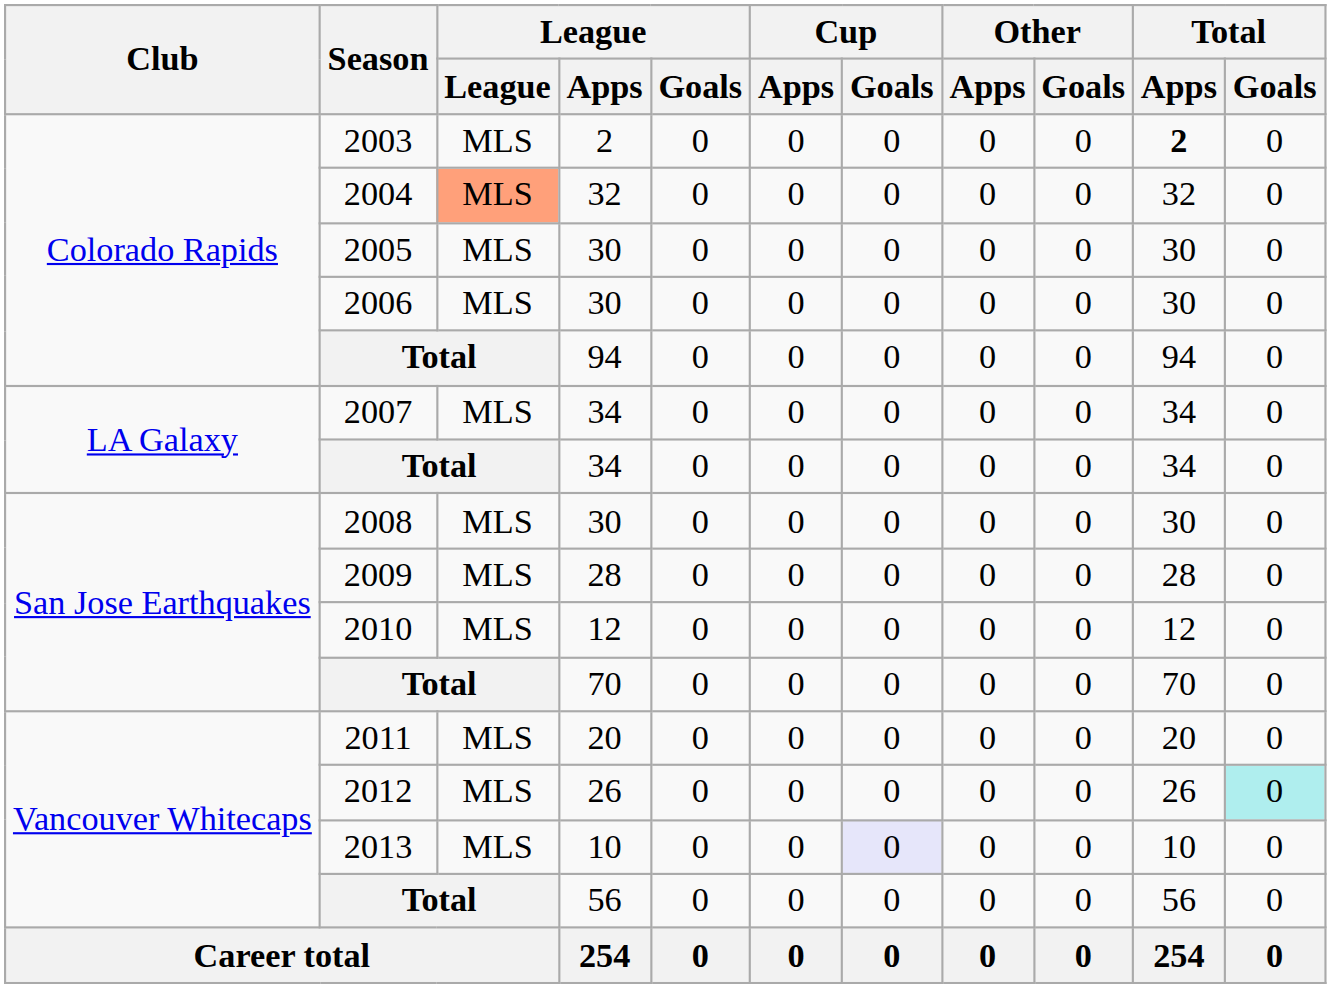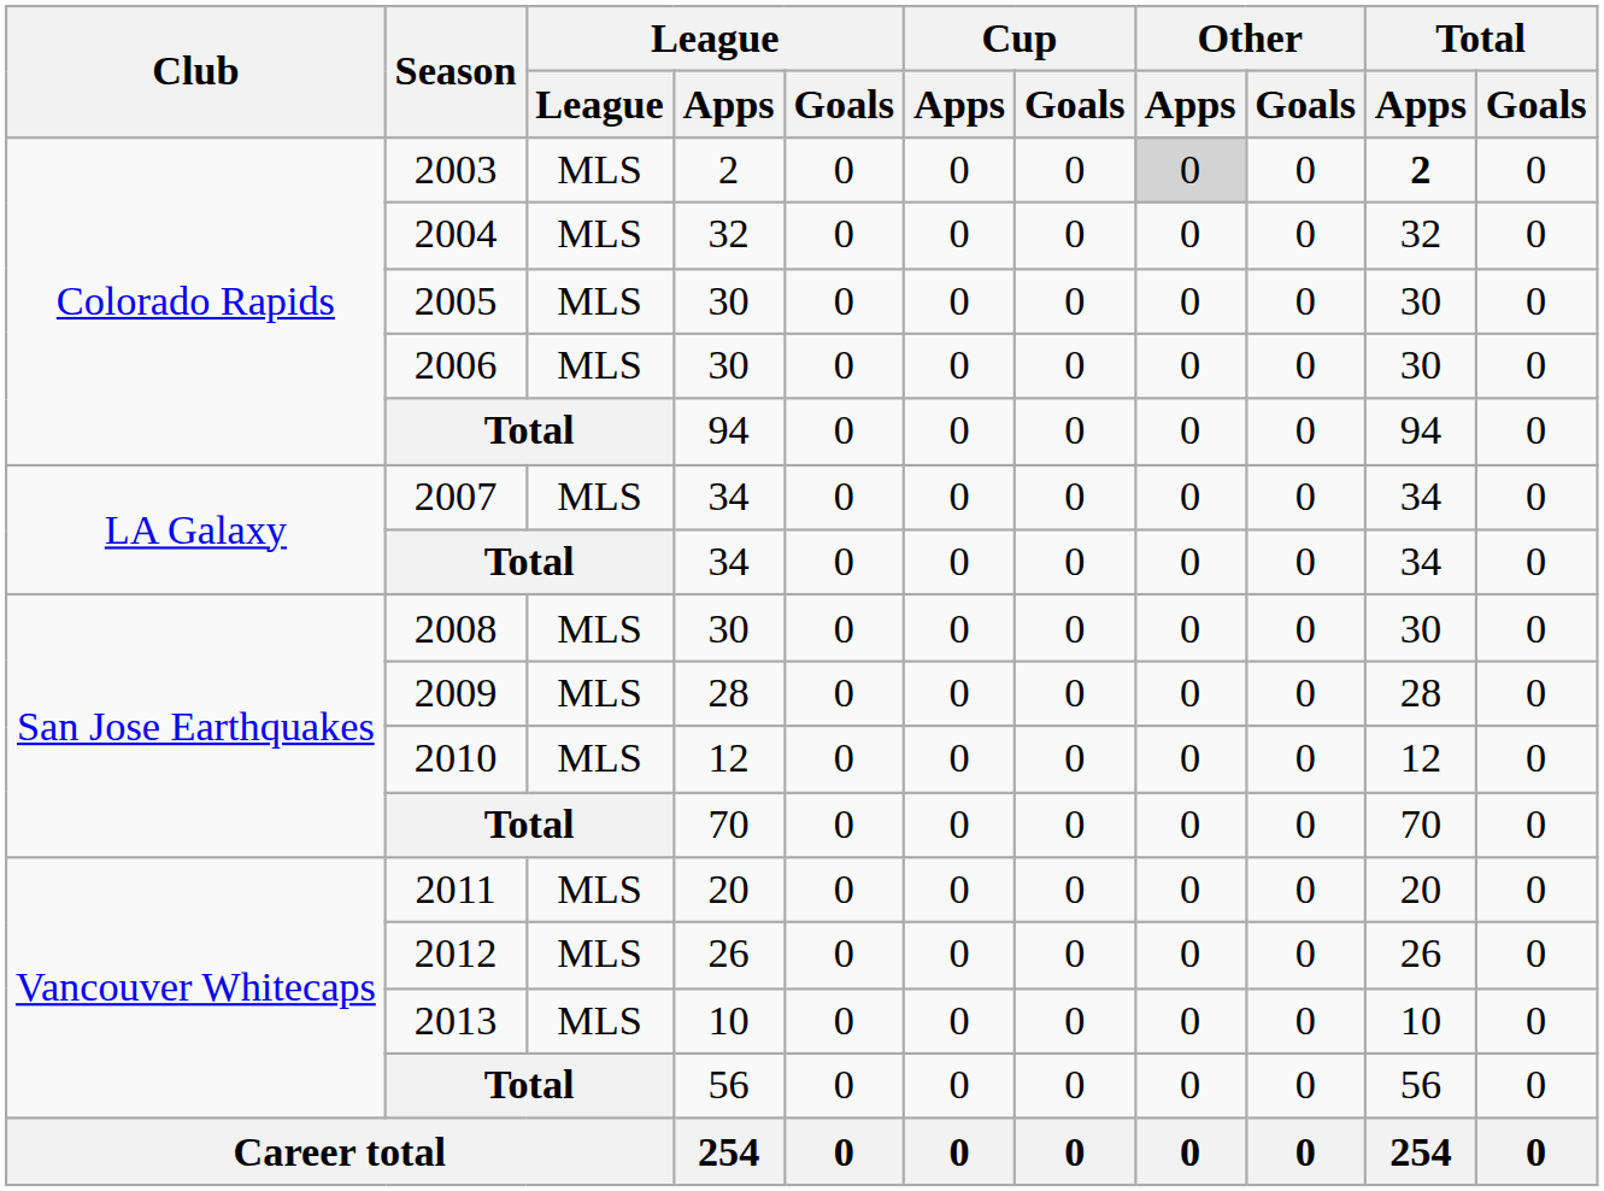 <table class="wikitable" style="text-align: center;">
 <tr>
 <th rowspan="2">Club</th>
 <th rowspan="2">Season</th>
 <th colspan="3">League</th>
 <th colspan="2">Cup</th>
 <th colspan="2">Other</th>
 <th colspan="2">Total</th>
 </tr>
 <tr>
 <th>League</th>
 <th>Apps</th>
 <th>Goals</th>
 <th>Apps</th>
 <th>Goals</th>
 <th>Apps</th>
 <th>Goals</th>
 <th>Apps</th>
 <th>Goals</th>
 </tr>
 <tr>
 <td rowspan="5" valign="center"><a href='#'>Colorado Rapids</a></td>
 <td>2003</td>
 <td>MLS</td>
 <td>2</td>
 <td>0</td>
 <td>0</td>
 <td>0</td>
-<td>0</td>
+<td style="background: lightgrey;">0</td>
 <td>0</td>
 <td><strong>2</strong></td>
 <td>0</td>
 </tr>
 <tr>
 <td>2004</td>
-<td style="background: lightsalmon;">MLS</td>
+<td>MLS</td>
 <td>32</td>
 <td>0</td>
 <td>0</td>
 <td>0</td>
 <td>0</td>
 <td>0</td>
 <td>32</td>
 <td>0</td>
 </tr>
 <tr>
 <td>2005</td>
 <td>MLS</td>
 <td>30</td>
 <td>0</td>
 <td>0</td>
 <td>0</td>
 <td>0</td>
 <td>0</td>
 <td>30</td>
 <td>0</td>
 </tr>
 <tr>
 <td>2006</td>
 <td>MLS</td>
 <td>30</td>
 <td>0</td>
 <td>0</td>
 <td>0</td>
 <td>0</td>
 <td>0</td>
 <td>30</td>
 <td>0</td>
 </tr>
 <tr>
 <th colspan="2">Total</th>
 <td>94</td>
 <td>0</td>
 <td>0</td>
 <td>0</td>
 <td>0</td>
 <td>0</td>
 <td>94</td>
 <td>0</td>
 </tr>
 <tr>
 <td rowspan="2" valign="center"><a href='#'>LA Galaxy</a></td>
 <td>2007</td>
 <td>MLS</td>
 <td>34</td>
 <td>0</td>
 <td>0</td>
 <td>0</td>
 <td>0</td>
 <td>0</td>
 <td>34</td>
 <td>0</td>
 </tr>
 <tr>
 <th colspan="2">Total</th>
 <td>34</td>
 <td>0</td>
 <td>0</td>
 <td>0</td>
 <td>0</td>
 <td>0</td>
 <td>34</td>
 <td>0</td>
 </tr>
 <tr>
 <td rowspan="4" valign="center"><a href='#'>San Jose Earthquakes</a></td>
 <td>2008</td>
 <td>MLS</td>
 <td>30</td>
 <td>0</td>
 <td>0</td>
 <td>0</td>
 <td>0</td>
 <td>0</td>
 <td>30</td>
 <td>0</td>
 </tr>
 <tr>
 <td>2009</td>
 <td>MLS</td>
 <td>28</td>
 <td>0</td>
 <td>0</td>
 <td>0</td>
 <td>0</td>
 <td>0</td>
 <td>28</td>
 <td>0</td>
 </tr>
 <tr>
 <td>2010</td>
 <td>MLS</td>
 <td>12</td>
 <td>0</td>
 <td>0</td>
 <td>0</td>
 <td>0</td>
 <td>0</td>
 <td>12</td>
 <td>0</td>
 </tr>
 <tr>
 <th colspan="2">Total</th>
 <td>70</td>
 <td>0</td>
 <td>0</td>
 <td>0</td>
 <td>0</td>
 <td>0</td>
 <td>70</td>
 <td>0</td>
 </tr>
 <tr>
 <td rowspan="4" valign="center"><a href='#'>Vancouver Whitecaps</a></td>
 <td>2011</td>
 <td>MLS</td>
 <td>20</td>
 <td>0</td>
 <td>0</td>
 <td>0</td>
 <td>0</td>
 <td>0</td>
 <td>20</td>
 <td>0</td>
 </tr>
 <tr>
 <td>2012</td>
 <td>MLS</td>
 <td>26</td>
 <td>0</td>
 <td>0</td>
 <td>0</td>
 <td>0</td>
 <td>0</td>
 <td>26</td>
-<td style="background: paleturquoise;">0</td>
+<td>0</td>
 </tr>
 <tr>
 <td>2013</td>
 <td>MLS</td>
 <td>10</td>
 <td>0</td>
 <td>0</td>
-<td style="background: lavender;">0</td>
+<td>0</td>
 <td>0</td>
 <td>0</td>
 <td>10</td>
 <td>0</td>
 </tr>
 <tr>
 <th colspan="2">Total</th>
 <td>56</td>
 <td>0</td>
 <td>0</td>
 <td>0</td>
 <td>0</td>
 <td>0</td>
 <td>56</td>
 <td>0</td>
 </tr>
 <tr>
 <th colspan="3">Career total</th>
 <th>254</th>
 <th>0</th>
 <th>0</th>
 <th>0</th>
 <th>0</th>
 <th>0</th>
 <th>254</th>
 <th>0</th>
 </tr>
 </table>
